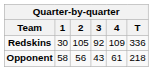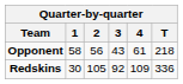 <table class="wikitable" style="text-align:center">
 <tr>
 <th colspan="6">Quarter-by-quarter</th>
 </tr>
 <tr>
 <th>Team</th>
 <th>1</th>
 <th>2</th>
 <th>3</th>
 <th>4</th>
 <th>T</th>
 </tr>
 <tr>
+<td><strong>Opponent</strong></td>
+<td>58</td>
+<td>56</td>
+<td>43</td>
+<td>61</td>
+<td>218</td>
+</tr>
+<tr>
 <td><strong>Redskins</strong></td>
 <td>30</td>
 <td>105</td>
 <td>92</td>
 <td>109</td>
 <td>336</td>
 </tr>
-<tr>
-<td><strong>Opponent</strong></td>
-<td>58</td>
-<td>56</td>
-<td>43</td>
-<td>61</td>
-<td>218</td>
-</tr>
 </table>
